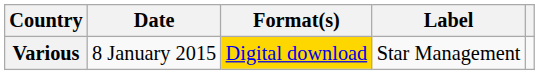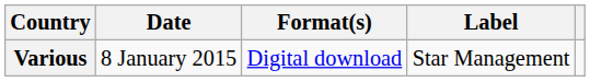 <table class="wikitable plainrowheaders">
 <tr>
 <th scope="col">Country</th>
 <th scope="col">Date</th>
 <th scope="col">Format(s)</th>
 <th scope="col">Label</th>
 <th scope="col"></th>
 </tr>
 <tr>
 <th rowspan="2" scope="row">Various</th>
 <td>8 January 2015</td>
-<td style="background: gold;"><a href='#'>Digital download</a></td>
+<td><a href='#'>Digital download</a></td>
 <td rowspan="2">Star Management</td>
 <td></td>
 </tr>
 </table>
